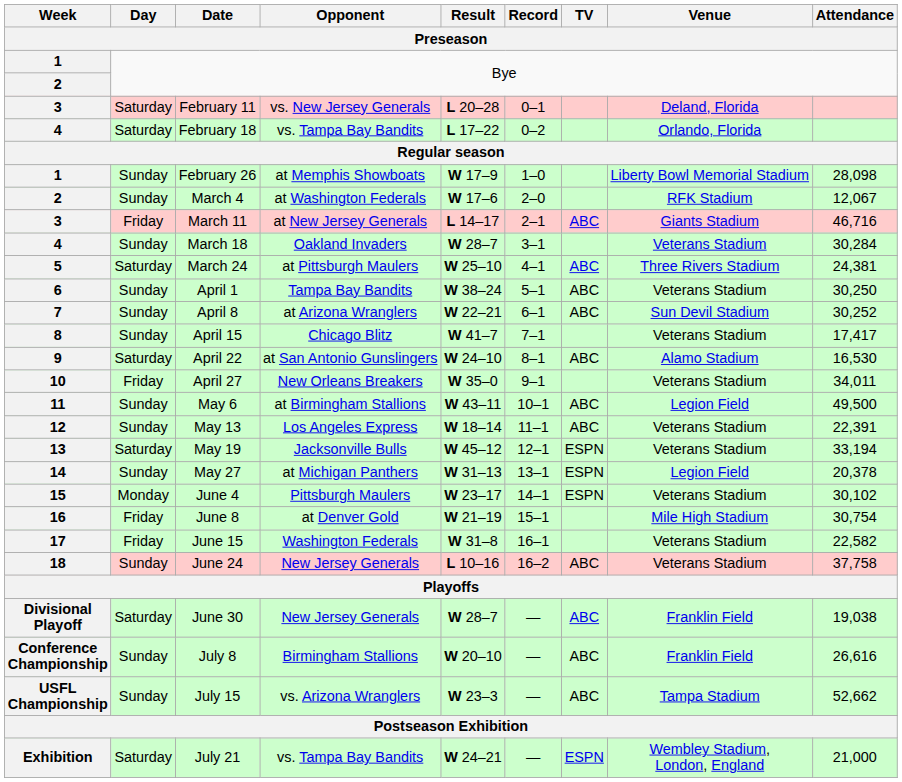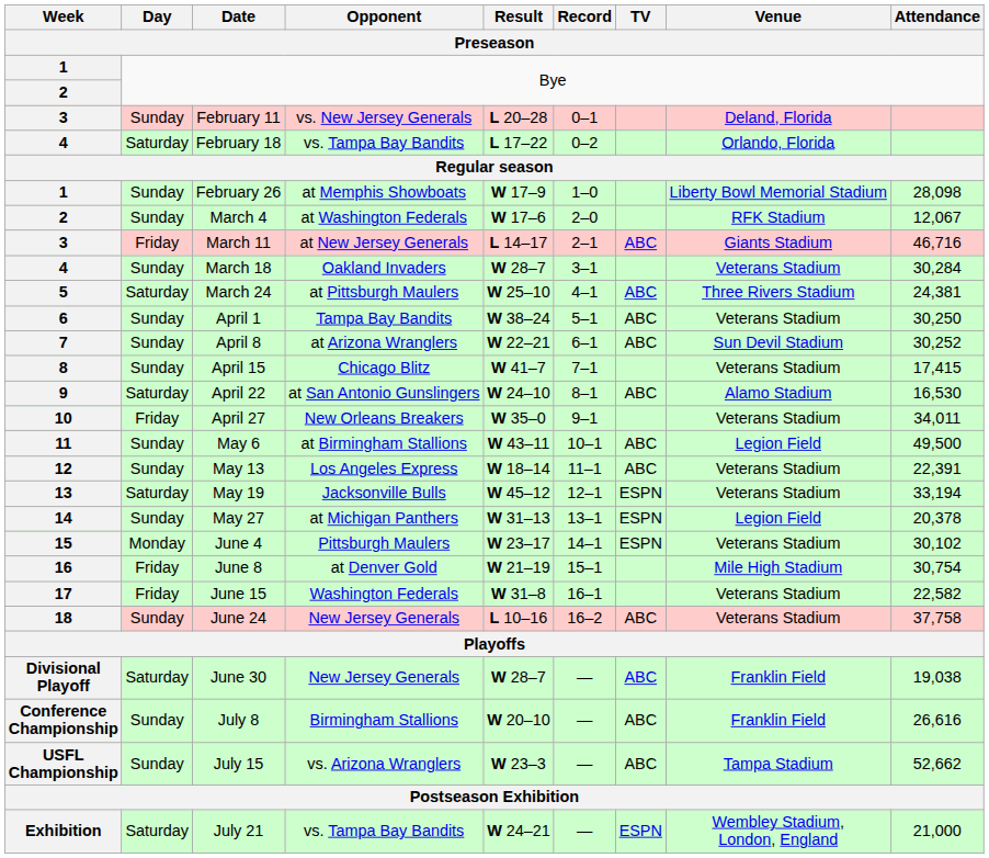 <table class="wikitable" style="text-align:center">
 <tr>
 <th>Week</th>
 <th>Day</th>
 <th>Date</th>
 <th>Opponent</th>
 <th>Result</th>
 <th>Record</th>
 <th>TV</th>
 <th>Venue</th>
 <th>Attendance</th>
 </tr>
 <tr style="text-align:center;">
 <th colspan="9">Preseason</th>
 </tr>
 <tr>
 <th>1</th>
 <td colspan="8" rowspan="2">Bye</td>
 </tr>
 <tr>
 <th>2</th>
 </tr>
 <tr style="background:#fcc">
 <th>3</th>
-<td>Saturday</td>
+<td>Sunday</td>
 <td>February 11</td>
 <td>vs. <a href='#'>New Jersey Generals</a></td>
 <td><strong>L</strong> 20–28</td>
 <td>0–1</td>
 <td></td>
 <td><a href='#'>Deland, Florida</a></td>
 <td></td>
 </tr>
 <tr style="background:#cfc">
 <th>4</th>
 <td>Saturday</td>
 <td>February 18</td>
 <td>vs. <a href='#'>Tampa Bay Bandits</a></td>
 <td><strong>L</strong> 17–22</td>
 <td>0–2</td>
 <td></td>
 <td><a href='#'>Orlando, Florida</a></td>
 <td></td>
 </tr>
 <tr style="text-align:center;">
 <th colspan="9">Regular season</th>
 </tr>
 <tr style="background:#cfc">
 <th>1</th>
 <td>Sunday</td>
 <td>February 26</td>
 <td>at <a href='#'>Memphis Showboats</a></td>
 <td><strong>W</strong> 17–9</td>
 <td>1–0</td>
 <td></td>
 <td><a href='#'>Liberty Bowl Memorial Stadium</a></td>
 <td>28,098</td>
 </tr>
 <tr style="background:#cfc">
 <th>2</th>
 <td>Sunday</td>
 <td>March 4</td>
 <td>at <a href='#'>Washington Federals</a></td>
 <td><strong>W</strong> 17–6</td>
 <td>2–0</td>
 <td></td>
 <td><a href='#'>RFK Stadium</a></td>
 <td>12,067</td>
 </tr>
 <tr style="background:#fcc">
 <th>3</th>
 <td>Friday</td>
 <td>March 11</td>
 <td>at <a href='#'>New Jersey Generals</a></td>
 <td><strong>L</strong> 14–17</td>
 <td>2–1</td>
 <td><a href='#'>ABC</a></td>
 <td><a href='#'>Giants Stadium</a></td>
 <td>46,716</td>
 </tr>
 <tr style="background:#cfc">
 <th>4</th>
 <td>Sunday</td>
 <td>March 18</td>
 <td><a href='#'>Oakland Invaders</a></td>
 <td><strong>W</strong> 28–7</td>
 <td>3–1</td>
 <td></td>
 <td><a href='#'>Veterans Stadium</a></td>
 <td>30,284</td>
 </tr>
 <tr style="background:#cfc">
 <th>5</th>
 <td>Saturday</td>
 <td>March 24</td>
 <td>at <a href='#'>Pittsburgh Maulers</a></td>
 <td><strong>W</strong> 25–10</td>
 <td>4–1</td>
 <td><a href='#'>ABC</a></td>
 <td><a href='#'>Three Rivers Stadium</a></td>
 <td>24,381</td>
 </tr>
 <tr style="background:#cfc">
 <th>6</th>
 <td>Sunday</td>
 <td>April 1</td>
 <td><a href='#'>Tampa Bay Bandits</a></td>
 <td><strong>W</strong> 38–24</td>
 <td>5–1</td>
 <td>ABC</td>
 <td>Veterans Stadium</td>
 <td>30,250</td>
 </tr>
 <tr style="background:#cfc">
 <th>7</th>
 <td>Sunday</td>
 <td>April 8</td>
 <td>at <a href='#'>Arizona Wranglers</a></td>
 <td><strong>W</strong> 22–21</td>
 <td>6–1</td>
 <td>ABC</td>
 <td><a href='#'>Sun Devil Stadium</a></td>
 <td>30,252</td>
 </tr>
 <tr style="background:#cfc">
 <th>8</th>
 <td>Sunday</td>
 <td>April 15</td>
 <td><a href='#'>Chicago Blitz</a></td>
 <td><strong>W</strong> 41–7</td>
 <td>7–1</td>
 <td></td>
 <td>Veterans Stadium</td>
-<td>17,417</td>
+<td>17,415</td>
 </tr>
 <tr style="background:#cfc">
 <th>9</th>
 <td>Saturday</td>
 <td>April 22</td>
 <td>at <a href='#'>San Antonio Gunslingers</a></td>
 <td><strong>W</strong> 24–10</td>
 <td>8–1</td>
 <td>ABC</td>
 <td><a href='#'>Alamo Stadium</a></td>
 <td>16,530</td>
 </tr>
 <tr style="background:#cfc">
 <th>10</th>
 <td>Friday</td>
 <td>April 27</td>
 <td><a href='#'>New Orleans Breakers</a></td>
 <td><strong>W</strong> 35–0</td>
 <td>9–1</td>
 <td></td>
 <td>Veterans Stadium</td>
 <td>34,011</td>
 </tr>
 <tr style="background:#cfc">
 <th>11</th>
 <td>Sunday</td>
 <td>May 6</td>
 <td>at <a href='#'>Birmingham Stallions</a></td>
 <td><strong>W</strong> 43–11</td>
 <td>10–1</td>
 <td>ABC</td>
 <td><a href='#'>Legion Field</a></td>
 <td>49,500</td>
 </tr>
 <tr style="background:#cfc">
 <th>12</th>
 <td>Sunday</td>
 <td>May 13</td>
 <td><a href='#'>Los Angeles Express</a></td>
 <td><strong>W</strong> 18–14</td>
 <td>11–1</td>
 <td>ABC</td>
 <td>Veterans Stadium</td>
 <td>22,391</td>
 </tr>
 <tr style="background:#cfc">
 <th>13</th>
 <td>Saturday</td>
 <td>May 19</td>
 <td><a href='#'>Jacksonville Bulls</a></td>
 <td><strong>W</strong> 45–12</td>
 <td>12–1</td>
 <td>ESPN</td>
 <td>Veterans Stadium</td>
 <td>33,194</td>
 </tr>
 <tr style="background:#cfc">
 <th>14</th>
 <td>Sunday</td>
 <td>May 27</td>
 <td>at <a href='#'>Michigan Panthers</a></td>
 <td><strong>W</strong> 31–13</td>
 <td>13–1</td>
 <td>ESPN</td>
 <td><a href='#'>Legion Field</a></td>
 <td>20,378</td>
 </tr>
 <tr style="background:#cfc">
 <th>15</th>
 <td>Monday</td>
 <td>June 4</td>
 <td><a href='#'>Pittsburgh Maulers</a></td>
 <td><strong>W</strong> 23–17</td>
 <td>14–1</td>
 <td>ESPN</td>
 <td>Veterans Stadium</td>
 <td>30,102</td>
 </tr>
 <tr style="background:#cfc">
 <th>16</th>
 <td>Friday</td>
 <td>June 8</td>
 <td>at <a href='#'>Denver Gold</a></td>
 <td><strong>W</strong> 21–19</td>
 <td>15–1</td>
 <td></td>
 <td><a href='#'>Mile High Stadium</a></td>
 <td>30,754</td>
 </tr>
 <tr style="background:#cfc">
 <th>17</th>
 <td>Friday</td>
 <td>June 15</td>
 <td><a href='#'>Washington Federals</a></td>
 <td><strong>W</strong> 31–8</td>
 <td>16–1</td>
 <td></td>
 <td>Veterans Stadium</td>
 <td>22,582</td>
 </tr>
 <tr style="background:#fcc">
 <th>18</th>
 <td>Sunday</td>
 <td>June 24</td>
 <td><a href='#'>New Jersey Generals</a></td>
 <td><strong>L</strong> 10–16</td>
 <td>16–2</td>
 <td>ABC</td>
 <td>Veterans Stadium</td>
 <td>37,758</td>
 </tr>
 <tr style="text-align:center;">
 <th colspan="9">Playoffs</th>
 </tr>
 <tr style="background:#cfc">
 <th>Divisional<br>Playoff</th>
 <td>Saturday</td>
 <td>June 30</td>
 <td><a href='#'>New Jersey Generals</a></td>
 <td><strong>W</strong> 28–7</td>
 <td>—</td>
 <td><a href='#'>ABC</a></td>
 <td><a href='#'>Franklin Field</a></td>
 <td>19,038</td>
 </tr>
 <tr style="background:#cfc">
 <th>Conference<br>Championship</th>
 <td>Sunday</td>
 <td>July 8</td>
 <td><a href='#'>Birmingham Stallions</a></td>
 <td><strong>W</strong> 20–10</td>
 <td>—</td>
 <td>ABC</td>
 <td><a href='#'>Franklin Field</a></td>
 <td>26,616</td>
 </tr>
 <tr style="background:#cfc">
 <th>USFL<br>Championship</th>
 <td>Sunday</td>
 <td>July 15</td>
 <td>vs. <a href='#'>Arizona Wranglers</a></td>
 <td><strong>W</strong> 23–3</td>
 <td>—</td>
 <td>ABC</td>
 <td><a href='#'>Tampa Stadium</a></td>
 <td>52,662</td>
 </tr>
 <tr style="text-align:center;">
 <th colspan="9">Postseason Exhibition</th>
 </tr>
 <tr style="background:#cfc">
 <th>Exhibition</th>
 <td>Saturday</td>
 <td>July 21</td>
 <td>vs. <a href='#'>Tampa Bay Bandits</a></td>
 <td><strong>W</strong> 24–21</td>
 <td>—</td>
 <td><a href='#'>ESPN</a></td>
 <td><a href='#'>Wembley Stadium</a>,<br><a href='#'>London</a>, <a href='#'>England</a></td>
 <td>21,000</td>
 </tr>
 </table>
